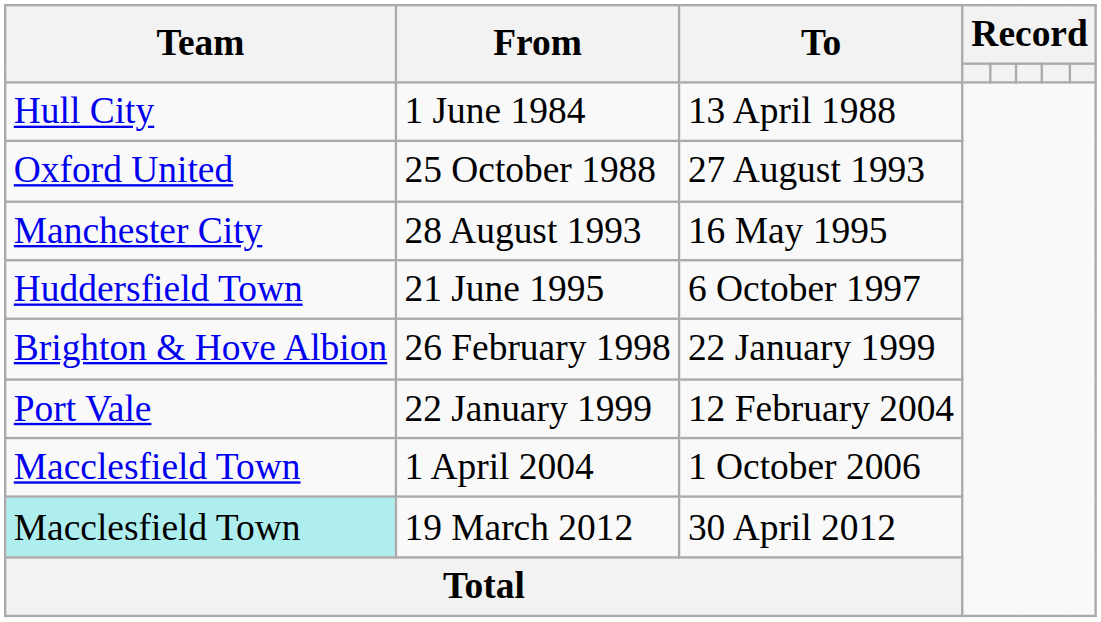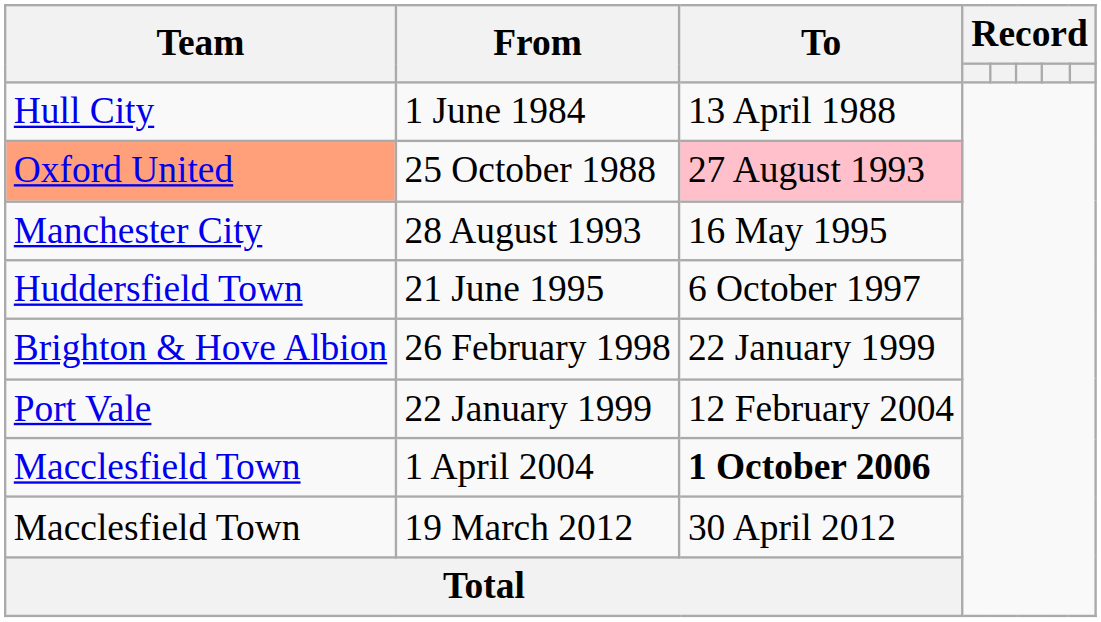 <table class=wikitable style="text-align: center">
 <tr>
 <th rowspan=2>Team</th>
 <th rowspan=2>From</th>
 <th rowspan=2>To</th>
 <th colspan=5>Record</th>
 </tr>
 <tr>
 <th></th>
 <th></th>
 <th></th>
 <th></th>
 <th></th>
 </tr>
 <tr>
 <td align=left><a href='#'>Hull City</a></td>
 <td align=left>1 June 1984</td>
 <td align=left>13 April 1988<br></td>
 </tr>
 <tr>
-<td align=left><a href='#'>Oxford United</a></td>
+<td align=left style="background: lightsalmon;"><a href='#'>Oxford United</a></td>
 <td align=left>25 October 1988</td>
-<td align=left>27 August 1993<br></td>
+<td align=left style="background: pink;">27 August 1993<br></td>
 </tr>
 <tr>
 <td align=left><a href='#'>Manchester City</a></td>
 <td align=left>28 August 1993</td>
 <td align=left>16 May 1995<br></td>
 </tr>
 <tr>
 <td align=left><a href='#'>Huddersfield Town</a></td>
 <td align=left>21 June 1995</td>
 <td align=left>6 October 1997<br></td>
 </tr>
 <tr>
 <td align=left><a href='#'>Brighton & Hove Albion</a></td>
 <td align=left>26 February 1998</td>
 <td align=left>22 January 1999<br></td>
 </tr>
 <tr>
 <td align=left><a href='#'>Port Vale</a></td>
 <td align=left>22 January 1999</td>
 <td align=left>12 February 2004<br></td>
 </tr>
 <tr>
 <td align=left><a href='#'>Macclesfield Town</a></td>
 <td align=left>1 April 2004</td>
-<td align=left>1 October 2006<br></td>
+<td align=left><strong>1 October 2006<br></strong></td>
 </tr>
 <tr>
-<td align=left style="background: paleturquoise;">Macclesfield Town</td>
+<td align=left>Macclesfield Town</td>
 <td align=left>19 March 2012</td>
 <td align=left>30 April 2012<br></td>
 </tr>
 <tr>
 <th colspan=3>Total<br></th>
 </tr>
 </table>
